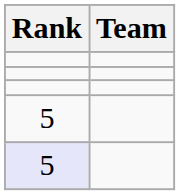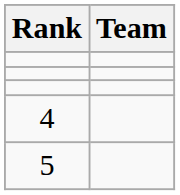 <table class=wikitable style="text-align:center">
 <tr>
 <th>Rank</th>
 <th>Team</th>
 </tr>
 <tr>
 <td></td>
 <td align=left></td>
 </tr>
 <tr>
 <td></td>
 <td align=left></td>
 </tr>
 <tr>
 <td></td>
 <td align=left></td>
 </tr>
 <tr>
+<td>4</td>
+<td align=left></td>
+</tr>
+<tr>
 <td>5</td>
 <td align=left></td>
 </tr>
-<tr>
-<td style="background: lavender;">5</td>
-<td align=left></td>
-</tr>
 </table>
